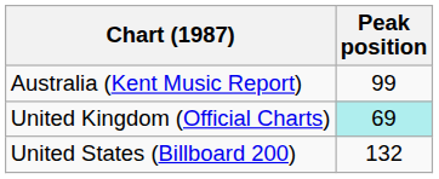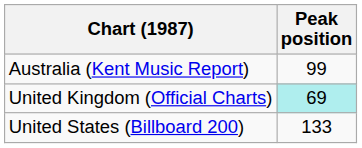 <table class="wikitable">
 <tr>
 <th scope="col">Chart (1987)</th>
 <th>Peak<br>position</th>
 </tr>
 <tr>
 <td>Australia (<a href='#'>Kent Music Report</a>)</td>
 <td style="text-align:center;">99</td>
 </tr>
 <tr>
 <td>United Kingdom (<a href='#'>Official Charts</a>)</td>
 <td style="background: paleturquoise; text-align:center;">69</td>
 </tr>
 <tr>
 <td>United States (<a href='#'>Billboard 200</a>)</td>
-<td style="text-align:center;">132</td>
+<td style="text-align:center;">133</td>
 </tr>
 </table>
